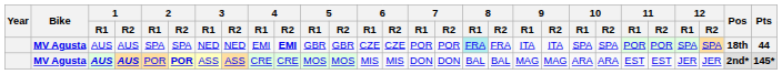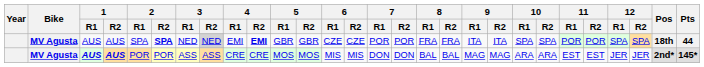 <table class="wikitable" style="text-align:center; font-size:90%;">
 <tr>
 <th rowspan="2">Year</th>
 <th rowspan="2">Bike</th>
 <th colspan="2">1</th>
 <th colspan="2">2</th>
 <th colspan="2">3</th>
 <th colspan="2">4</th>
 <th colspan="2">5</th>
 <th colspan="2">6</th>
 <th colspan="2">7</th>
 <th colspan="2">8</th>
 <th colspan="2">9</th>
 <th colspan="2">10</th>
 <th colspan="2">11</th>
 <th colspan="2">12</th>
 <th rowspan="2">Pos</th>
 <th rowspan="2">Pts</th>
 </tr>
 <tr>
 <th>R1</th>
 <th>R2</th>
 <th>R1</th>
 <th>R2</th>
 <th>R1</th>
 <th>R2</th>
 <th>R1</th>
 <th>R2</th>
 <th>R1</th>
 <th>R2</th>
 <th>R1</th>
 <th>R2</th>
 <th>R1</th>
 <th>R2</th>
 <th>R1</th>
 <th>R2</th>
 <th>R1</th>
 <th>R2</th>
 <th>R1</th>
 <th>R2</th>
 <th>R1</th>
 <th>R2</th>
 <th>R1</th>
 <th>R2</th>
 </tr>
 <tr>
 <th></th>
 <th><a href='#'>MV Agusta</a></th>
 <td><a href='#'>AUS</a></td>
 <td><a href='#'>AUS</a></td>
 <td><a href='#'>SPA</a></td>
-<td><a href='#'>SPA</a></td>
+<td><strong><a href='#'>SPA</a></strong></td>
 <td><a href='#'>NED</a></td>
-<td><a href='#'>NED</a></td>
+<td style="background: lightgrey;"><a href='#'>NED</a></td>
 <td><a href='#'>EMI</a></td>
 <td><strong><a href='#'>EMI</a></strong></td>
 <td><a href='#'>GBR</a></td>
 <td><a href='#'>GBR</a></td>
 <td><a href='#'>CZE</a></td>
 <td><a href='#'>CZE</a></td>
 <td><a href='#'>POR</a></td>
 <td><a href='#'>POR</a></td>
-<td style="background: paleturquoise;"><a href='#'>FRA</a></td>
+<td><a href='#'>FRA</a></td>
 <td><a href='#'>FRA</a></td>
 <td><a href='#'>ITA</a></td>
 <td><a href='#'>ITA</a></td>
 <td><a href='#'>SPA</a></td>
 <td><a href='#'>SPA</a></td>
 <td style="background:#DFFFDF;"><a href='#'>POR</a><br></td>
 <td style="background:#DFFFDF;"><a href='#'>POR</a><br></td>
 <td style="background:#DFFFDF;"><a href='#'>SPA</a><br></td>
 <td style="background:#FFDF9F;"><a href='#'>SPA</a><br></td>
 <th>18th</th>
 <th>44</th>
 </tr>
 <tr>
 <th></th>
 <th><a href='#'>MV Agusta</a></th>
 <td style="background:#DFFFDF;"><strong><em><a href='#'>AUS</a></em></strong><br></td>
 <td style="background:#FFDF9F;"><strong><em><a href='#'>AUS</a></em></strong><br></td>
 <td style="background:#FFDF9F;"><a href='#'>POR</a><br></td>
-<td style="background:#FFFFBF;"><strong><a href='#'>POR</a><br></strong></td>
+<td style="background:#FFFFBF;"><a href='#'>POR</a><br></td>
 <td style="background:#FFFFBF;"><a href='#'>ASS</a><br></td>
 <td style="background:#FFDF9F;"><a href='#'>ASS</a><br></td>
 <td style="background:#DFFFDF;"><a href='#'>CRE</a><br></td>
 <td style="background:#DFFFDF;"><a href='#'>CRE</a><br></td>
 <td style="background:#DFFFDF;"><a href='#'>MOS</a><br></td>
 <td style="background:#DFFFDF;"><a href='#'>MOS</a><br></td>
 <td style="background:#;"><a href='#'>MIS</a><br></td>
 <td style="background:#;"><a href='#'>MIS</a><br></td>
 <td style="background:#;"><a href='#'>DON</a><br></td>
 <td style="background:#;"><a href='#'>DON</a><br></td>
 <td style="background:#;"><a href='#'>BAL</a><br></td>
 <td style="background:#;"><a href='#'>BAL</a><br></td>
 <td style="background:#;"><a href='#'>MAG</a><br></td>
 <td style="background:#;"><a href='#'>MAG</a><br></td>
 <td style="background:#;"><a href='#'>ARA</a><br></td>
 <td style="background:#;"><a href='#'>ARA</a><br></td>
 <td style="background:#;"><a href='#'>EST</a><br></td>
 <td style="background:#;"><a href='#'>EST</a><br></td>
 <td style="background:#;"><a href='#'>JER</a><br></td>
 <td style="background:#;"><a href='#'>JER</a><br></td>
 <th style="background:#DFDFDF;">2nd*</th>
 <th style="background:#DFDFDF;">145*</th>
 </tr>
 </table>
